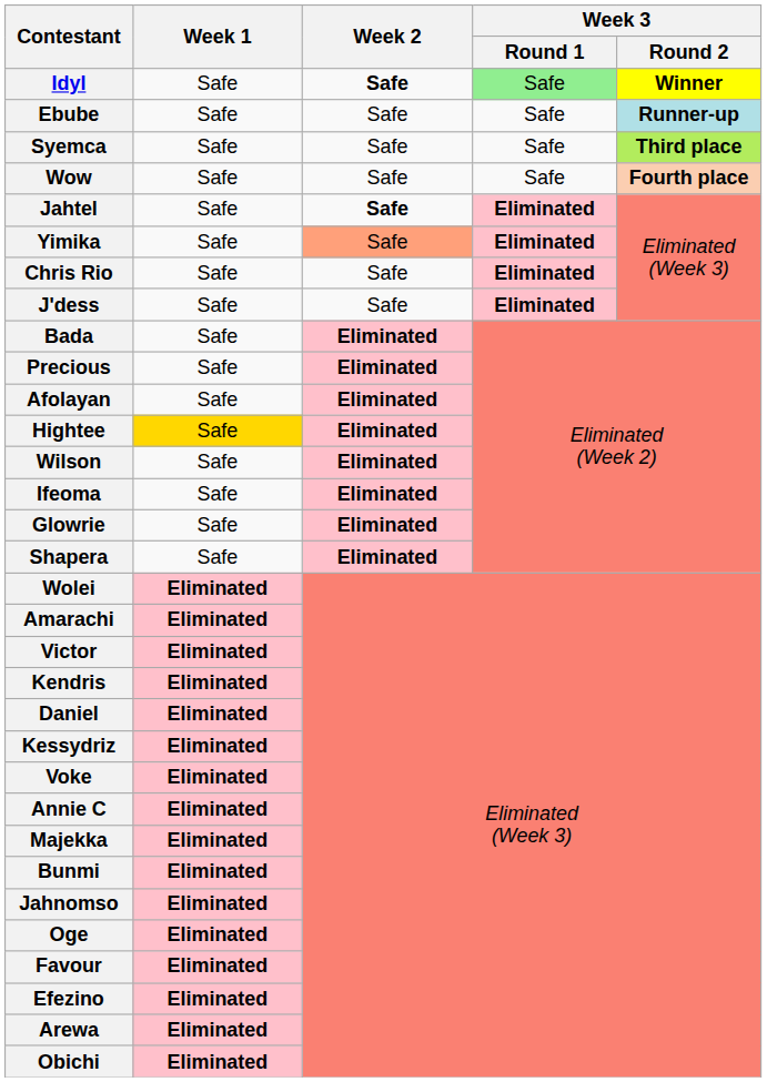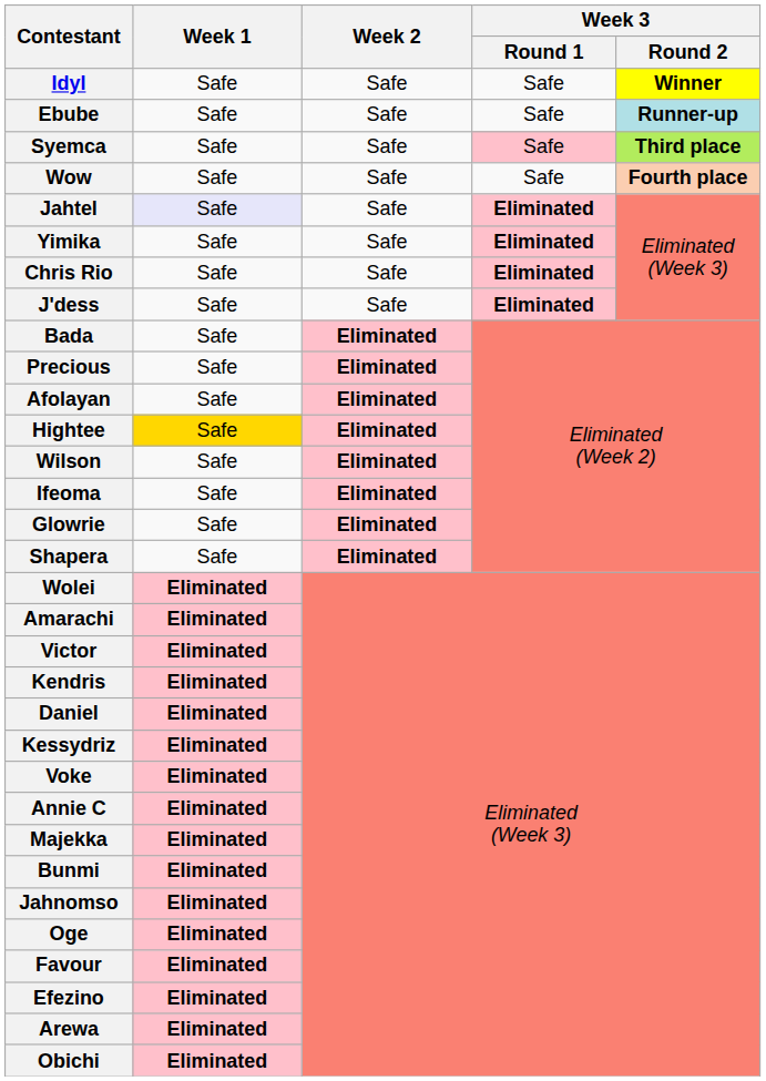 <table class="wikitable" style="text-align:center; font-size:100%">
 <tr>
 <th rowspan="2" style="width:15%;">Contestant</th>
 <th scope="col" rowspan="2" style="width:20%;">Week 1</th>
 <th scope="col" rowspan="2" style="width:20%;">Week 2</th>
 <th scope="col" colspan="2" style="width:20%;">Week 3</th>
 </tr>
 <tr>
 <th scope="col" style="width:17%;">Round 1</th>
 <th scope="col" style="width:17%;">Round 2</th>
 </tr>
 <tr>
 <th scope="col"><a href='#'>Idyl</a></th>
 <td>Safe</td>
-<td><strong>Safe</strong></td>
-<td style="background: lightgreen;">Safe</td>
+<td>Safe</td>
+<td>Safe</td>
 <td bgcolor=yellow><strong>Winner</strong></td>
 </tr>
 <tr>
 <th scope="col">Ebube</th>
 <td>Safe</td>
 <td>Safe</td>
 <td>Safe</td>
 <td style="background:#B0E0E6;"><strong>Runner-up</strong></td>
 </tr>
 <tr>
 <th scope="col">Syemca</th>
 <td>Safe</td>
 <td>Safe</td>
-<td>Safe</td>
+<td style="background: pink;">Safe</td>
 <td style="background:#B2EC5D " colspan=1><strong>Third place</strong></td>
 </tr>
 <tr>
 <th scope="col">Wow</th>
 <td>Safe</td>
 <td>Safe</td>
 <td>Safe</td>
 <td style="background:#FBCEB1" colspan=1><strong>Fourth place</strong></td>
 </tr>
 <tr>
 <th scope="col">Jahtel</th>
+<td style="background: lavender;">Safe</td>
 <td>Safe</td>
-<td><strong>Safe</strong></td>
 <td style = "background:pink"><strong>Eliminated</strong></td>
 <td rowspan="4" colspan="4" style="background:#FA8072"><em>Eliminated</em> <br> <em>(Week 3)</em></td>
 </tr>
 <tr>
 <th scope="col">Yimika</th>
 <td>Safe</td>
-<td style="background: lightsalmon;">Safe</td>
+<td>Safe</td>
 <td style = "background:pink"><strong>Eliminated</strong></td>
 </tr>
 <tr>
 <th scope="col">Chris Rio</th>
 <td>Safe</td>
 <td>Safe</td>
 <td style = "background:pink"><strong>Eliminated</strong></td>
 </tr>
 <tr>
 <th scope="col">J'dess</th>
 <td>Safe</td>
 <td>Safe</td>
 <td style = "background:pink"><strong>Eliminated</strong></td>
 </tr>
 <tr>
 <th scope="col">Bada</th>
 <td>Safe</td>
 <td style = "background:pink"><strong>Eliminated</strong></td>
 <td rowspan="8" colspan="4" style="background:#FA8072"><em>Eliminated</em> <br> <em>(Week 2)</em></td>
 </tr>
 <tr>
 <th scope="col">Precious</th>
 <td>Safe</td>
 <td style = "background:pink"><strong>Eliminated</strong></td>
 </tr>
 <tr>
 <th scope="col">Afolayan</th>
 <td>Safe</td>
 <td style = "background:pink"><strong>Eliminated</strong></td>
 </tr>
 <tr>
 <th scope="col">Hightee</th>
 <td style="background: gold;">Safe</td>
 <td style = "background:pink"><strong>Eliminated</strong></td>
 </tr>
 <tr>
 <th scope="col">Wilson</th>
 <td>Safe</td>
 <td style = "background:pink"><strong>Eliminated</strong></td>
 </tr>
 <tr>
 <th scope="col">Ifeoma</th>
 <td>Safe</td>
 <td style = "background:pink"><strong>Eliminated</strong></td>
 </tr>
 <tr>
 <th scope="col">Glowrie</th>
 <td>Safe</td>
 <td style = "background:pink"><strong>Eliminated</strong></td>
 </tr>
 <tr>
 <th scope="col">Shapera</th>
 <td>Safe</td>
 <td style = "background:pink"><strong>Eliminated</strong></td>
 </tr>
 <tr>
 <th scope="col">Wolei</th>
 <td style = "background:pink"><strong>Eliminated</strong></td>
 <td rowspan="16" colspan="4" style="background:#FA8072"><em>Eliminated</em> <br> <em>(Week 3)</em></td>
 </tr>
 <tr>
 <th scope="col">Amarachi</th>
 <td style = "background:pink"><strong>Eliminated</strong></td>
 </tr>
 <tr>
 <th scope="col">Victor</th>
 <td style = "background:pink"><strong>Eliminated</strong></td>
 </tr>
 <tr>
 <th scope="col">Kendris</th>
 <td style = "background:pink"><strong>Eliminated</strong></td>
 </tr>
 <tr>
 <th scope="col">Daniel</th>
 <td style = "background:pink"><strong>Eliminated</strong></td>
 </tr>
 <tr>
 <th scope="col">Kessydriz</th>
 <td style = "background:pink"><strong>Eliminated</strong></td>
 </tr>
 <tr>
 <th scope="col">Voke</th>
 <td style = "background:pink"><strong>Eliminated</strong></td>
 </tr>
 <tr>
 <th scope="col">Annie C</th>
 <td style = "background:pink"><strong>Eliminated</strong></td>
 </tr>
 <tr>
 <th scope="col">Majekka</th>
 <td style = "background:pink"><strong>Eliminated</strong></td>
 </tr>
 <tr>
 <th scope="col">Bunmi</th>
 <td style = "background:pink"><strong>Eliminated</strong></td>
 </tr>
 <tr>
 <th scope="col">Jahnomso</th>
 <td style = "background:pink"><strong>Eliminated</strong></td>
 </tr>
 <tr>
 <th scope="col">Oge</th>
 <td style = "background:pink"><strong>Eliminated</strong></td>
 </tr>
 <tr>
 <th scope="col">Favour</th>
 <td style = "background:pink"><strong>Eliminated</strong></td>
 </tr>
 <tr>
 <th scope="col">Efezino</th>
 <td style = "background:pink"><strong>Eliminated</strong></td>
 </tr>
 <tr>
 <th scope="col">Arewa</th>
 <td style = "background:pink"><strong>Eliminated</strong></td>
 </tr>
 <tr>
 <th scope="col">Obichi</th>
 <td style = "background:pink"><strong>Eliminated</strong></td>
 </tr>
 </table>
